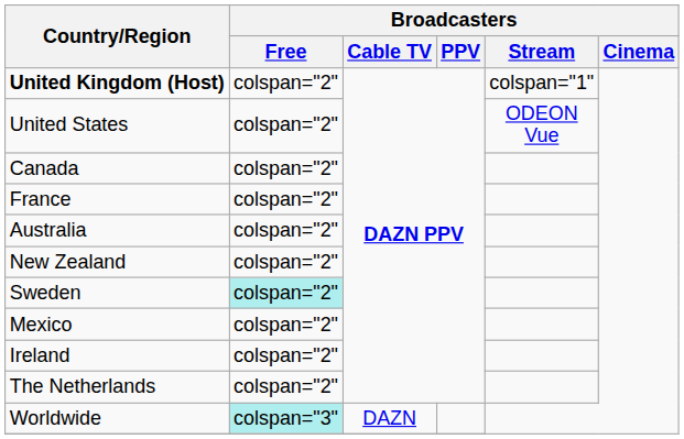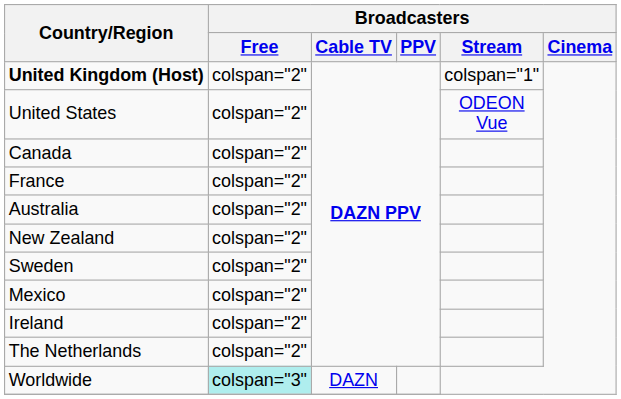 <table class="wikitable">
 <tr>
 <th rowspan="2">Country/Region</th>
 <th colspan="5">Broadcasters</th>
 </tr>
 <tr>
 <th><a href='#'>Free</a></th>
 <th><a href='#'>Cable TV</a></th>
 <th><a href='#'>PPV</a></th>
 <th><a href='#'>Stream</a></th>
 <th><a href='#'>Cinema</a></th>
 </tr>
 <tr>
 <td><strong>United Kingdom (Host)</strong></td>
 <td>colspan="2" </td>
 <td rowspan="10" align="center" colspan="2"><strong><a href='#'>DAZN PPV</a></strong></td>
 <td>colspan="1" </td>
 </tr>
 <tr>
 <td>United States</td>
 <td>colspan="2" </td>
 <td align="center"><a href='#'>ODEON</a> <br> <a href='#'>Vue</a></td>
 </tr>
 <tr>
 <td>Canada</td>
 <td>colspan="2" </td>
 <td></td>
 </tr>
 <tr>
 <td>France</td>
 <td>colspan="2" </td>
 <td></td>
 </tr>
 <tr>
 <td>Australia</td>
 <td>colspan="2" </td>
 <td></td>
 </tr>
 <tr>
 <td>New Zealand</td>
 <td>colspan="2" </td>
 <td></td>
 </tr>
 <tr>
 <td>Sweden</td>
-<td style="background: paleturquoise;">colspan="2" </td>
+<td>colspan="2" </td>
 <td></td>
 </tr>
 <tr>
 <td>Mexico</td>
 <td>colspan="2" </td>
 <td></td>
 </tr>
 <tr>
 <td>Ireland</td>
 <td>colspan="2" </td>
 <td></td>
 </tr>
 <tr>
 <td>The Netherlands</td>
 <td>colspan="2" </td>
 <td></td>
 </tr>
 <tr>
 <td>Worldwide</td>
 <td style="background: paleturquoise;">colspan="3" </td>
 <td align="center"><a href='#'>DAZN</a></td>
 <td></td>
 </tr>
 <tr>
 </tr>
 </table>
